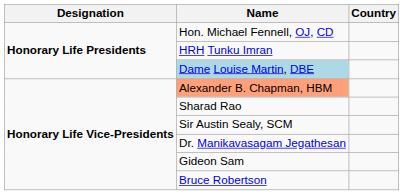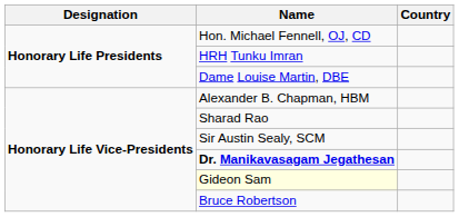 <table class="wikitable">
 <tr>
 <th>Designation</th>
 <th>Name</th>
 <th>Country</th>
 </tr>
 <tr>
 <td rowspan="3"><strong>Honorary Life Presidents</strong></td>
 <td>Hon. Michael Fennell, <a href='#'>OJ</a>, <a href='#'>CD</a></td>
 <td></td>
 </tr>
 <tr>
 <td><a href='#'>HRH</a> <a href='#'>Tunku Imran</a></td>
 <td></td>
 </tr>
 <tr>
-<td style="background: lightblue;"><a href='#'>Dame</a> <a href='#'>Louise Martin</a>, <a href='#'>DBE</a></td>
+<td><a href='#'>Dame</a> <a href='#'>Louise Martin</a>, <a href='#'>DBE</a></td>
 <td></td>
 </tr>
 <tr>
 <td rowspan="7"><strong>Honorary Life Vice-Presidents</strong></td>
-<td style="background: lightsalmon;">Alexander B. Chapman, HBM</td>
+<td>Alexander B. Chapman, HBM</td>
 <td></td>
 </tr>
 <tr>
 <td>Sharad Rao</td>
 <td></td>
 </tr>
 <tr>
 <td>Sir Austin Sealy, SCM</td>
 <td></td>
 </tr>
 <tr>
-<td>Dr. <a href='#'>Manikavasagam Jegathesan</a></td>
+<td><strong>Dr. <a href='#'>Manikavasagam Jegathesan</a></strong></td>
 <td></td>
 </tr>
 <tr>
-<td>Gideon Sam</td>
+<td style="background: lightyellow;">Gideon Sam</td>
 <td></td>
 </tr>
 <tr>
 <td><a href='#'>Bruce Robertson</a></td>
 <td></td>
 </tr>
 </table>
